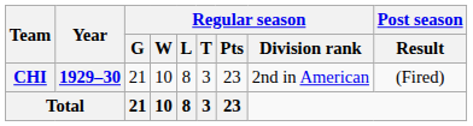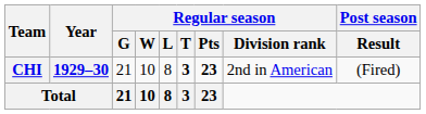 <table class="wikitable" style="font-size: 95%; text-align:center;">
 <tr>
 <th rowspan="2">Team</th>
 <th rowspan="2">Year</th>
 <th colspan="6"><a href='#'>Regular season</a></th>
 <th colspan="1"><a href='#'>Post season</a></th>
 </tr>
 <tr>
 <th>G</th>
 <th>W</th>
 <th>L</th>
 <th>T</th>
 <th>Pts</th>
 <th>Division rank</th>
 <th>Result</th>
 </tr>
 <tr>
 <th><a href='#'>CHI</a></th>
 <th><a href='#'>1929–30</a></th>
 <td>21</td>
 <td>10</td>
 <td>8</td>
-<td>3</td>
-<td>23</td>
+<td><strong>3</strong></td>
+<td><strong>23</strong></td>
 <td>2nd in <a href='#'>American</a></td>
 <td>(Fired)</td>
 </tr>
 <tr>
 <th colspan="2">Total</th>
 <th>21</th>
 <th>10</th>
 <th>8</th>
 <th>3</th>
 <th>23</th>
 </tr>
 </table>
